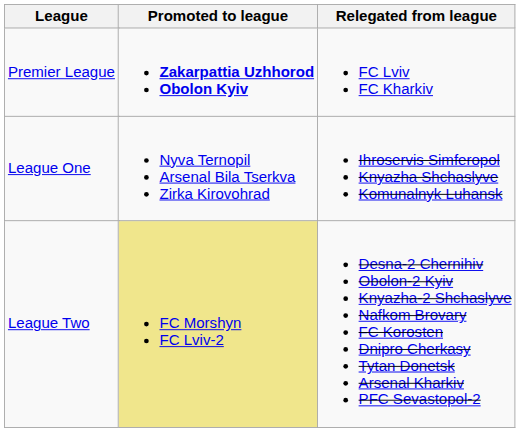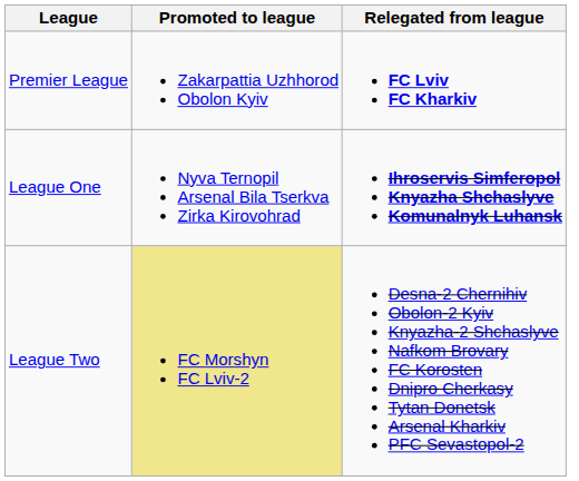 <table class="wikitable">
 <tr>
 <th colspan=2>League</th>
 <th>Promoted to league</th>
 <th>Relegated from league</th>
 </tr>
 <tr>
 <td colspan=2><a href='#'>Premier League</a></td>
-<td><strong><br><ul><li><a href='#'>Zakarpattia Uzhhorod</a></li><li><a href='#'>Obolon Kyiv</a></li></ul></strong></td>
-<td><br><ul><li><a href='#'>FC Lviv</a></li><li><a href='#'>FC Kharkiv</a></li></ul></td>
+<td><br><ul><li><a href='#'>Zakarpattia Uzhhorod</a></li><li><a href='#'>Obolon Kyiv</a></li></ul></td>
+<td><strong><br><ul><li><a href='#'>FC Lviv</a></li><li><a href='#'>FC Kharkiv</a></li></ul></strong></td>
 </tr>
 <tr>
 <td colspan=2><a href='#'>League One</a></td>
 <td><br><ul><li><a href='#'>Nyva Ternopil</a></li><li><a href='#'>Arsenal Bila Tserkva</a></li><li><a href='#'>Zirka Kirovohrad</a></li></ul></td>
-<td><br><ul><li><del><a href='#'>Ihroservis Simferopol</a></del></li><li><del><a href='#'>Knyazha Shchaslyve</a></del></li><li><del><a href='#'>Komunalnyk Luhansk</a></del></li></ul></td>
+<td><strong><br><ul><li><del><a href='#'>Ihroservis Simferopol</a></del></li><li><del><a href='#'>Knyazha Shchaslyve</a></del></li><li><del><a href='#'>Komunalnyk Luhansk</a></del></li></ul></strong></td>
 </tr>
 <tr>
 <td colspan=2><a href='#'>League Two</a></td>
 <td style="background: khaki;"><br><ul><li><a href='#'>FC Morshyn</a></li><li><a href='#'>FC Lviv-2</a></li></ul></td>
 <td><br><ul><li><del><a href='#'>Desna-2 Chernihiv</a></del></li><li><del><a href='#'>Obolon-2 Kyiv</a></del></li><li><del><a href='#'>Knyazha-2 Shchaslyve</a></del></li><li><del><a href='#'>Nafkom Brovary</a></del></li><li><del><a href='#'>FC Korosten</a></del></li><li><del><a href='#'>Dnipro Cherkasy</a></del></li><li><del><a href='#'>Tytan Donetsk</a></del></li><li><del><a href='#'>Arsenal Kharkiv</a></del></li><li><del><a href='#'>PFC Sevastopol-2</a></del></li></ul></td>
 </tr>
 </table>
